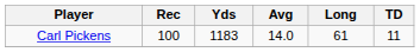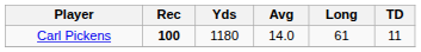 <table class="wikitable" style="text-align:center;" width="80%">
 <tr>
 <th>Player</th>
 <th>Rec</th>
 <th>Yds</th>
 <th>Avg</th>
 <th>Long</th>
 <th>TD</th>
 </tr>
 <tr align="center" bgcolor="">
 <td><a href='#'>Carl Pickens</a></td>
-<td>100</td>
-<td>1183</td>
+<td><strong>100</strong></td>
+<td>1180</td>
 <td>14.0</td>
 <td>61</td>
 <td>11</td>
 </tr>
 <tr align="center" bgcolor="">
 </tr>
 </table>
